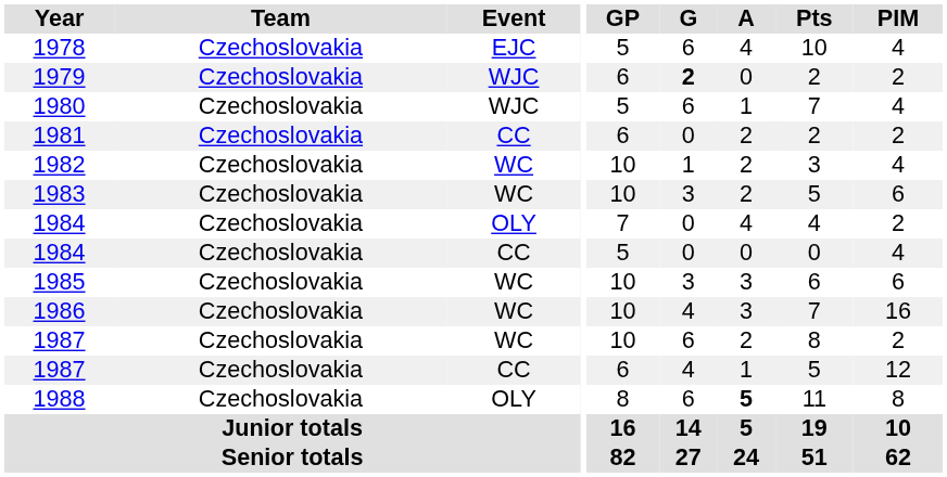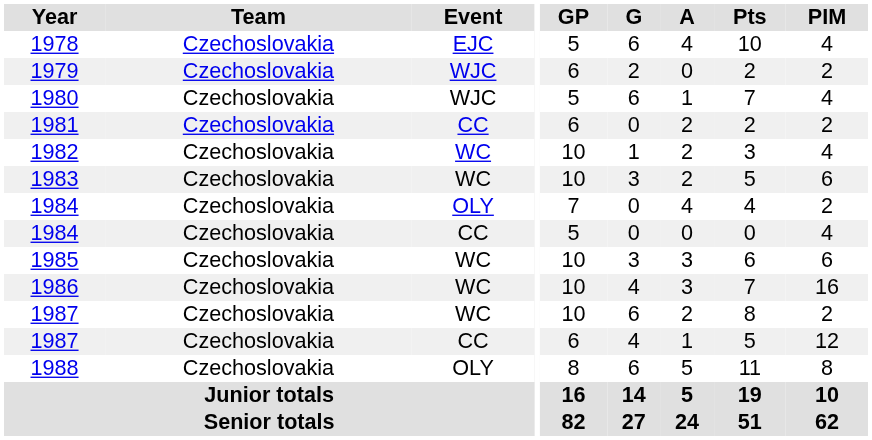 <table border="0" cellpadding="1" cellspacing="0" ID="Table3" style="text-align:center; width:40em">
 <tr bgcolor="#e0e0e0">
 <th>Year</th>
 <th>Team</th>
 <th>Event</th>
 <th rowspan="102" bgcolor="#ffffff"></th>
 <th>GP</th>
 <th>G</th>
 <th>A</th>
 <th>Pts</th>
 <th>PIM</th>
 </tr>
 <tr>
 <td><a href='#'>1978</a></td>
 <td><a href='#'>Czechoslovakia</a></td>
 <td><a href='#'>EJC</a></td>
 <td>5</td>
 <td>6</td>
 <td>4</td>
 <td>10</td>
 <td>4</td>
 </tr>
 <tr bgcolor="#f0f0f0">
 <td><a href='#'>1979</a></td>
 <td><a href='#'>Czechoslovakia</a></td>
 <td><a href='#'>WJC</a></td>
 <td>6</td>
-<td><strong>2</strong></td>
+<td>2</td>
 <td>0</td>
 <td>2</td>
 <td>2</td>
 </tr>
 <tr>
 <td><a href='#'>1980</a></td>
 <td>Czechoslovakia</td>
 <td>WJC</td>
 <td>5</td>
 <td>6</td>
 <td>1</td>
 <td>7</td>
 <td>4</td>
 </tr>
 <tr bgcolor="#f0f0f0">
 <td><a href='#'>1981</a></td>
 <td><a href='#'>Czechoslovakia</a></td>
 <td><a href='#'>CC</a></td>
 <td>6</td>
 <td>0</td>
 <td>2</td>
 <td>2</td>
 <td>2</td>
 </tr>
 <tr>
 <td><a href='#'>1982</a></td>
 <td>Czechoslovakia</td>
 <td><a href='#'>WC</a></td>
 <td>10</td>
 <td>1</td>
 <td>2</td>
 <td>3</td>
 <td>4</td>
 </tr>
 <tr bgcolor="#f0f0f0">
 <td><a href='#'>1983</a></td>
 <td>Czechoslovakia</td>
 <td>WC</td>
 <td>10</td>
 <td>3</td>
 <td>2</td>
 <td>5</td>
 <td>6</td>
 </tr>
 <tr>
 <td><a href='#'>1984</a></td>
 <td>Czechoslovakia</td>
 <td><a href='#'>OLY</a></td>
 <td>7</td>
 <td>0</td>
 <td>4</td>
 <td>4</td>
 <td>2</td>
 </tr>
 <tr bgcolor="#f0f0f0">
 <td><a href='#'>1984</a></td>
 <td>Czechoslovakia</td>
 <td>CC</td>
 <td>5</td>
 <td>0</td>
 <td>0</td>
 <td>0</td>
 <td>4</td>
 </tr>
 <tr>
 <td><a href='#'>1985</a></td>
 <td>Czechoslovakia</td>
 <td>WC</td>
 <td>10</td>
 <td>3</td>
 <td>3</td>
 <td>6</td>
 <td>6</td>
 </tr>
 <tr bgcolor="#f0f0f0">
 <td><a href='#'>1986</a></td>
 <td>Czechoslovakia</td>
 <td>WC</td>
 <td>10</td>
 <td>4</td>
 <td>3</td>
 <td>7</td>
 <td>16</td>
 </tr>
 <tr>
 <td><a href='#'>1987</a></td>
 <td>Czechoslovakia</td>
 <td>WC</td>
 <td>10</td>
 <td>6</td>
 <td>2</td>
 <td>8</td>
 <td>2</td>
 </tr>
 <tr bgcolor="#f0f0f0">
 <td><a href='#'>1987</a></td>
 <td>Czechoslovakia</td>
 <td>CC</td>
 <td>6</td>
 <td>4</td>
 <td>1</td>
 <td>5</td>
 <td>12</td>
 </tr>
 <tr>
 <td><a href='#'>1988</a></td>
 <td>Czechoslovakia</td>
 <td>OLY</td>
 <td>8</td>
 <td>6</td>
-<td><strong>5</strong></td>
+<td>5</td>
 <td>11</td>
 <td>8</td>
 </tr>
 <tr bgcolor="#e0e0e0">
 <th colspan=3>Junior totals</th>
 <th>16</th>
 <th>14</th>
 <th>5</th>
 <th>19</th>
 <th>10</th>
 </tr>
 <tr bgcolor="#e0e0e0">
 <th colspan=3>Senior totals</th>
 <th>82</th>
 <th>27</th>
 <th>24</th>
 <th>51</th>
 <th>62</th>
 </tr>
 </table>
